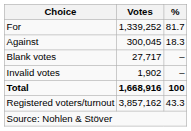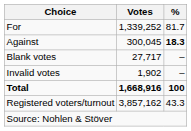 <table class=wikitable style=text-align:right>
 <tr>
 <th>Choice</th>
 <th>Votes</th>
 <th>%</th>
 </tr>
 <tr>
 <td align=left>For</td>
 <td>1,339,252</td>
 <td>81.7</td>
 </tr>
 <tr>
 <td align=left>Against</td>
 <td>300,045</td>
-<td>18.3</td>
+<td><strong>18.3</strong></td>
 </tr>
 <tr>
 <td align=left>Blank votes</td>
 <td>27,717</td>
 <td>–</td>
 </tr>
 <tr>
 <td align=left>Invalid votes</td>
 <td>1,902</td>
 <td>–</td>
 </tr>
 <tr>
 <td align=left><strong>Total</strong></td>
 <td><strong>1,668,916</strong></td>
 <td><strong>100</strong></td>
 </tr>
 <tr>
 <td align=left>Registered voters/turnout</td>
 <td>3,857,162</td>
 <td>43.3</td>
 </tr>
 <tr>
 <td align=left colspan=11>Source: Nohlen & Stöver</td>
 </tr>
 </table>
